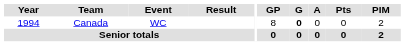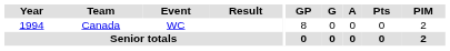 <table border="0" cellpadding="1" cellspacing="0" ID="Table3" style="text-align:center; width:40em">
 <tr ALIGN="center" bgcolor="#e0e0e0">
 <th>Year</th>
 <th>Team</th>
 <th>Event</th>
 <th>Result</th>
 <th rowspan="99" bgcolor="#ffffff"></th>
 <th>GP</th>
 <th>G</th>
 <th>A</th>
 <th>Pts</th>
 <th>PIM</th>
 </tr>
 <tr>
 <td><a href='#'>1994</a></td>
 <td><a href='#'>Canada</a></td>
 <td><a href='#'>WC</a></td>
 <td></td>
 <td>8</td>
-<td><strong>0</strong></td>
+<td>0</td>
 <td>0</td>
 <td>0</td>
 <td>2</td>
 </tr>
 <tr bgcolor="#e0e0e0">
 <th colspan="4">Senior totals</th>
 <th>0</th>
 <th>0</th>
 <th>0</th>
 <th>0</th>
 <th>2</th>
 </tr>
 </table>
